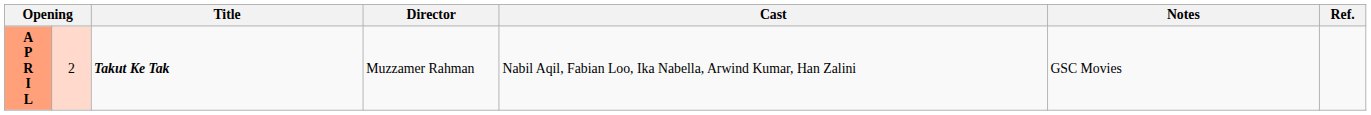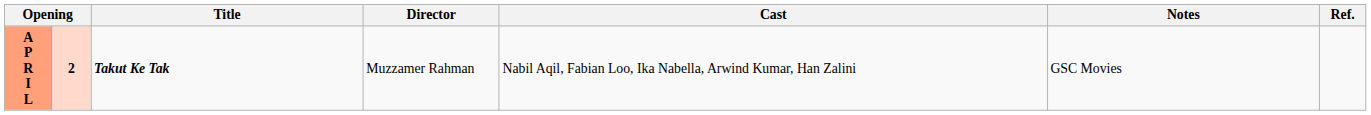 <table class="wikitable" width="100%">
 <tr>
 <th colspan="2">Opening</th>
 <th style="width:20%;">Title</th>
 <th style="width:10%;">Director</th>
 <th>Cast</th>
 <th style="width:20%">Notes</th>
 <th>Ref.</th>
 </tr>
 <tr>
 <th rowspan=1 style="text-align:center; background:#ffa07a;">A<br>P<br>R<br>I<br>L</th>
-<td rowspan=1 style="text-align:center; background:#ffdacc;">2</td>
+<td rowspan=1 style="text-align:center; background:#ffdacc;"><strong>2</strong></td>
 <td><strong><em>Takut Ke Tak</em></strong></td>
 <td>Muzzamer Rahman</td>
 <td>Nabil Aqil, Fabian Loo, Ika Nabella, Arwind Kumar, Han Zalini</td>
 <td>GSC Movies</td>
 <td></td>
 </tr>
 </table>
